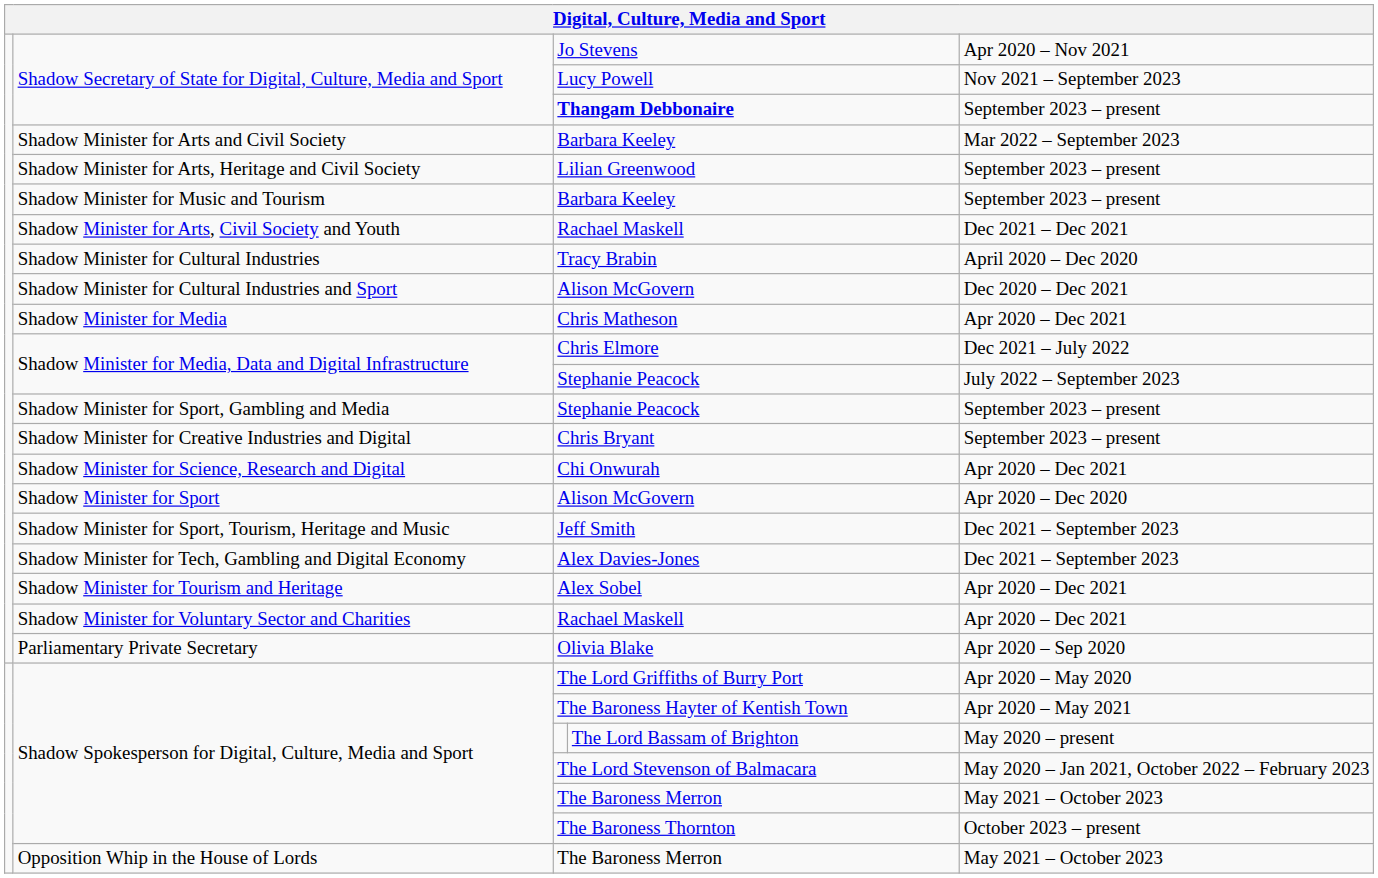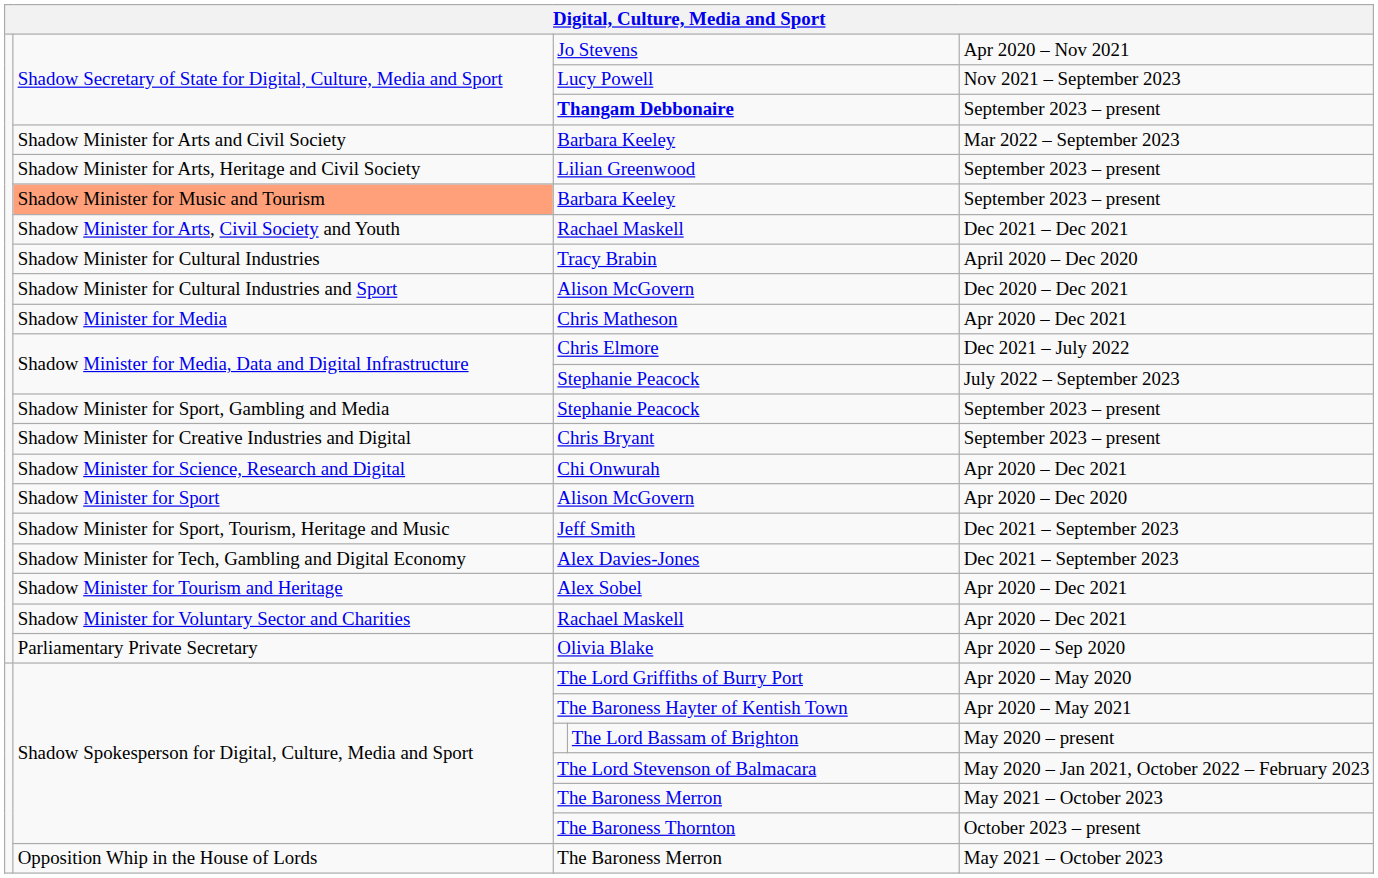 <table class="wikitable">
 <tr>
 <th colspan="5"><a href='#'>Digital, Culture, Media and Sport</a></th>
 </tr>
 <tr>
 <td rowspan="21" style="background: "></td>
 <td rowspan="3" style="width: 450px;"><a href='#'>Shadow Secretary of State for Digital, Culture, Media and Sport</a></td>
 <td colspan="2" style="width: 337px;"><a href='#'>Jo Stevens</a></td>
 <td>Apr 2020 – Nov 2021</td>
 </tr>
 <tr>
 <td colspan="2"><a href='#'>Lucy Powell</a></td>
 <td>Nov 2021 – September 2023</td>
 </tr>
 <tr>
 <td colspan="2"><strong><a href='#'>Thangam Debbonaire</a></strong></td>
 <td>September 2023 – present</td>
 </tr>
 <tr>
 <td>Shadow Minister for Arts and Civil Society</td>
 <td colspan="2"><a href='#'>Barbara Keeley</a></td>
 <td>Mar 2022 – September 2023</td>
 </tr>
 <tr>
 <td>Shadow Minister for Arts, Heritage and Civil Society</td>
 <td colspan="2"><a href='#'>Lilian Greenwood</a></td>
 <td>September 2023 – present</td>
 </tr>
 <tr>
-<td>Shadow Minister for Music and Tourism</td>
+<td style="background: lightsalmon;">Shadow Minister for Music and Tourism</td>
 <td colspan="2"><a href='#'>Barbara Keeley</a></td>
 <td>September 2023 – present</td>
 </tr>
 <tr>
 <td>Shadow <a href='#'>Minister for Arts</a>, <a href='#'>Civil Society</a> and Youth</td>
 <td colspan="2"><a href='#'>Rachael Maskell</a></td>
 <td>Dec 2021 – Dec 2021</td>
 </tr>
 <tr>
 <td>Shadow Minister for Cultural Industries</td>
 <td colspan="2"><a href='#'>Tracy Brabin</a></td>
 <td>April 2020 – Dec 2020</td>
 </tr>
 <tr>
 <td>Shadow Minister for Cultural Industries and <a href='#'>Sport</a></td>
 <td colspan="2"><a href='#'>Alison McGovern</a></td>
 <td>Dec 2020 – Dec 2021</td>
 </tr>
 <tr>
 <td>Shadow <a href='#'>Minister for Media</a></td>
 <td colspan="2"><a href='#'>Chris Matheson</a></td>
 <td>Apr 2020 – Dec 2021</td>
 </tr>
 <tr>
 <td rowspan="2">Shadow <a href='#'>Minister for Media, Data and Digital Infrastructure</a></td>
 <td colspan="2"><a href='#'>Chris Elmore</a></td>
 <td>Dec 2021 – July 2022</td>
 </tr>
 <tr>
 <td colspan="2"><a href='#'>Stephanie Peacock</a></td>
 <td>July 2022 – September 2023</td>
 </tr>
 <tr>
 <td>Shadow Minister for Sport, Gambling and Media</td>
 <td colspan="2"><a href='#'>Stephanie Peacock</a></td>
 <td>September 2023 – present</td>
 </tr>
 <tr>
 <td>Shadow Minister for Creative Industries and Digital</td>
 <td colspan="2"><a href='#'>Chris Bryant</a></td>
 <td>September 2023 – present</td>
 </tr>
 <tr>
 <td>Shadow <a href='#'>Minister for Science, Research and Digital</a></td>
 <td colspan="2"><a href='#'>Chi Onwurah</a></td>
 <td>Apr 2020 – Dec 2021</td>
 </tr>
 <tr>
 <td>Shadow <a href='#'>Minister for Sport</a></td>
 <td colspan="2"><a href='#'>Alison McGovern</a></td>
 <td>Apr 2020 – Dec 2020</td>
 </tr>
 <tr>
 <td>Shadow Minister for Sport, Tourism, Heritage and Music</td>
 <td colspan="2"><a href='#'>Jeff Smith</a></td>
 <td>Dec 2021 – September 2023</td>
 </tr>
 <tr>
 <td>Shadow Minister for Tech, Gambling and Digital Economy</td>
 <td colspan="2"><a href='#'>Alex Davies-Jones</a></td>
 <td>Dec 2021 – September 2023</td>
 </tr>
 <tr>
 <td>Shadow <a href='#'>Minister for Tourism and Heritage</a></td>
 <td colspan="2"><a href='#'>Alex Sobel</a></td>
 <td>Apr 2020 – Dec 2021</td>
 </tr>
 <tr>
 <td>Shadow <a href='#'>Minister for Voluntary Sector and Charities</a></td>
 <td colspan="2"><a href='#'>Rachael Maskell</a></td>
 <td>Apr 2020 – Dec 2021</td>
 </tr>
 <tr>
 <td>Parliamentary Private Secretary</td>
 <td colspan="2"><a href='#'>Olivia Blake</a></td>
 <td>Apr 2020 – Sep 2020</td>
 </tr>
 <tr>
 <td rowspan="7" style="background: "></td>
 <td rowspan="6">Shadow Spokesperson for Digital, Culture, Media and Sport</td>
 <td colspan="2"><a href='#'>The Lord Griffiths of Burry Port</a></td>
 <td>Apr 2020 – May 2020</td>
 </tr>
 <tr>
 <td colspan="2"><a href='#'>The Baroness Hayter of Kentish Town</a></td>
 <td>Apr 2020 – May 2021</td>
 </tr>
 <tr>
 <td style="background: "></td>
 <td><a href='#'>The Lord Bassam of Brighton</a></td>
 <td>May 2020 – present</td>
 </tr>
 <tr>
 <td colspan="2"><a href='#'>The Lord Stevenson of Balmacara</a></td>
 <td>May 2020 – Jan 2021, October 2022 – February 2023</td>
 </tr>
 <tr>
 <td colspan="2"><a href='#'>The Baroness Merron</a></td>
 <td>May 2021 – October 2023</td>
 </tr>
 <tr>
 <td colspan="2"><a href='#'>The Baroness Thornton</a></td>
 <td>October 2023 – present</td>
 </tr>
 <tr>
 <td>Opposition Whip in the House of Lords</td>
 <td colspan="2">The Baroness Merron</td>
 <td>May 2021 – October 2023</td>
 </tr>
 </table>
